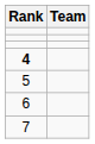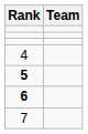 <table class="wikitable" style="text-align:center;">
 <tr>
 <th>Rank</th>
 <th>Team</th>
 </tr>
 <tr>
 <td></td>
 <td style="text-align:left;"></td>
 </tr>
 <tr>
 <td></td>
 <td style="text-align:left;"></td>
 </tr>
 <tr>
 <td></td>
 <td style="text-align:left;"></td>
 </tr>
 <tr>
-<td><strong>4</strong></td>
+<td>4</td>
 <td style="text-align:left;"></td>
 </tr>
 <tr>
-<td>5</td>
+<td><strong>5</strong></td>
 <td style="text-align:left;"></td>
 </tr>
 <tr>
-<td>6</td>
+<td><strong>6</strong></td>
 <td style="text-align:left;"></td>
 </tr>
 <tr>
 <td>7</td>
 <td style="text-align:left;"></td>
 </tr>
 </table>
